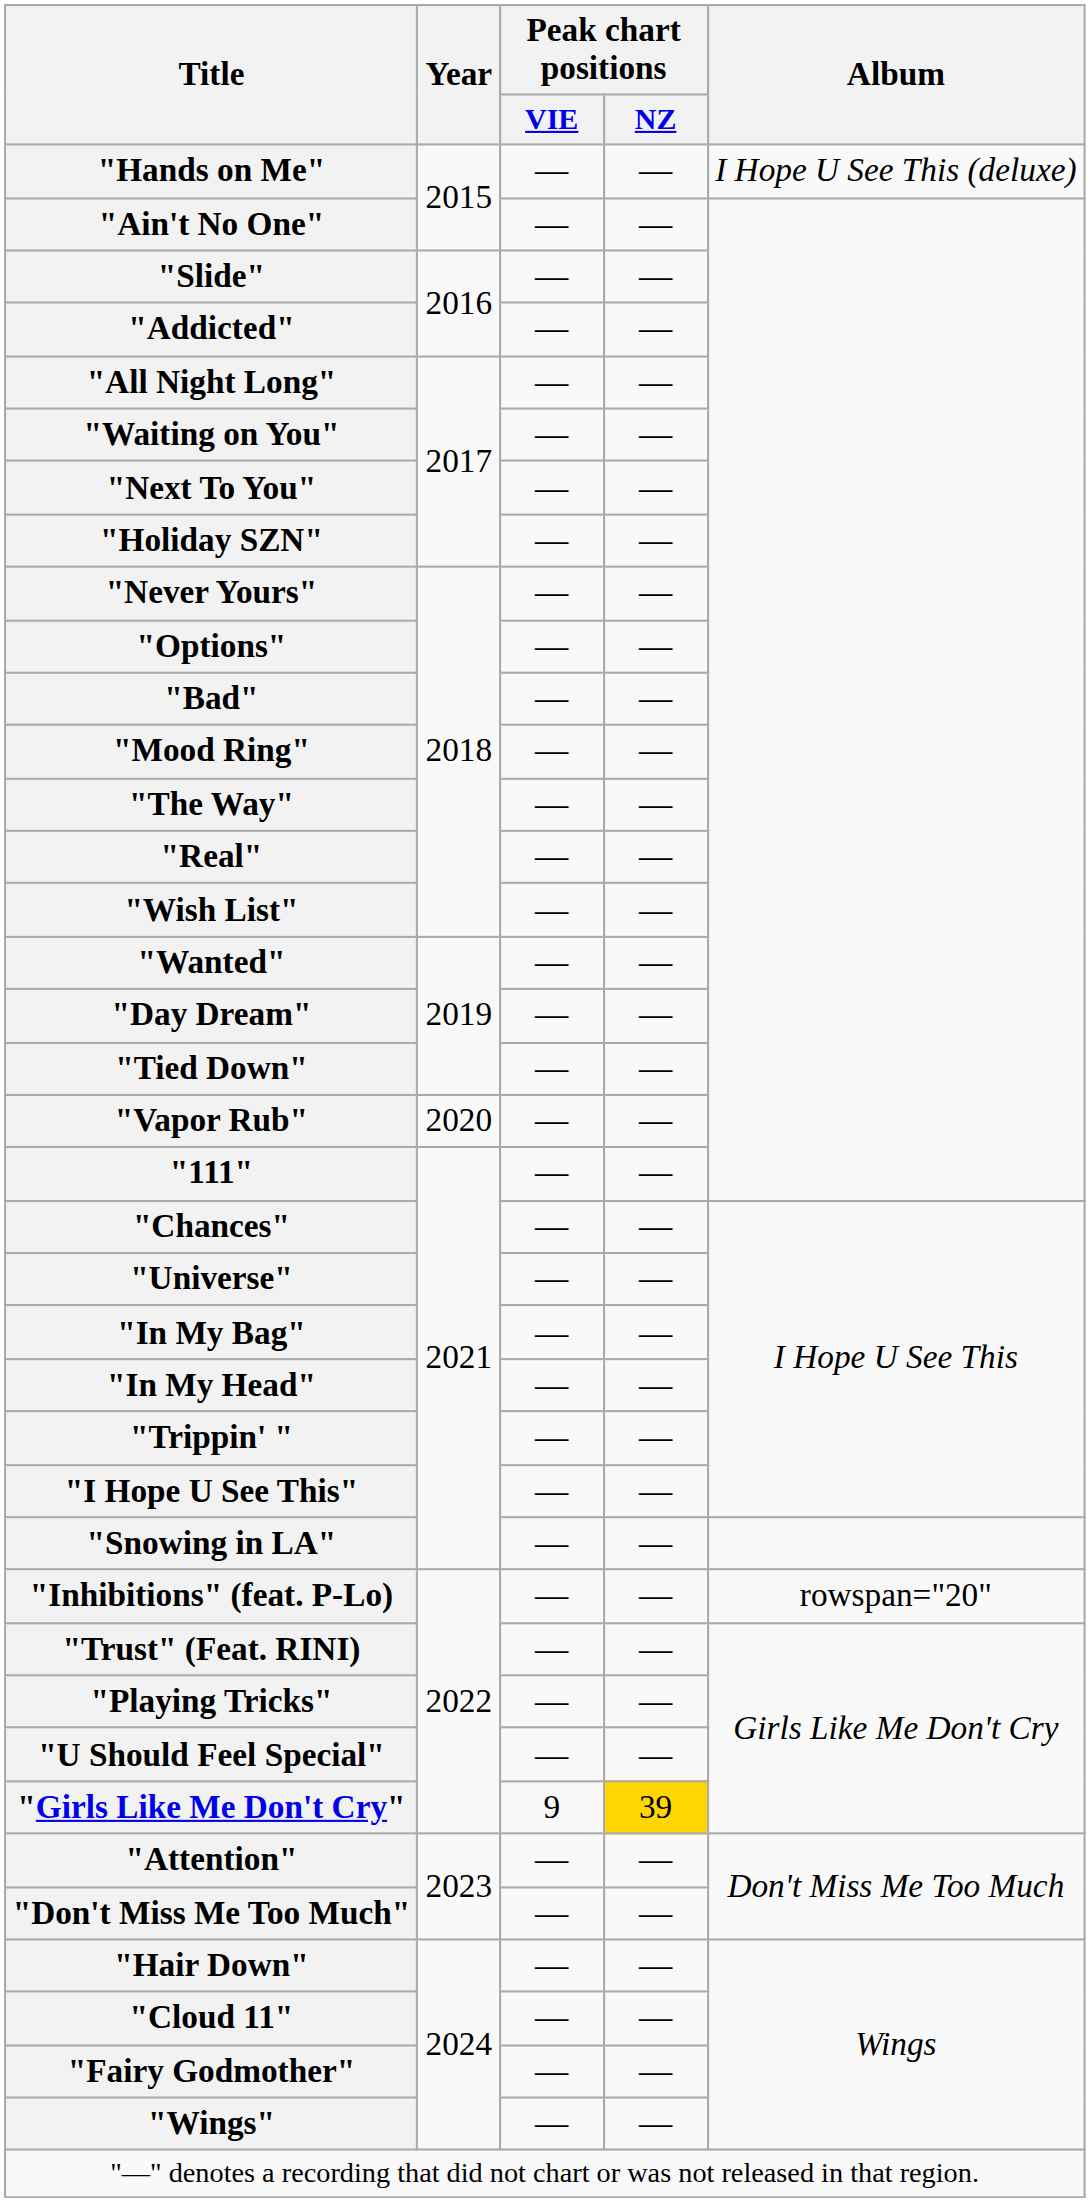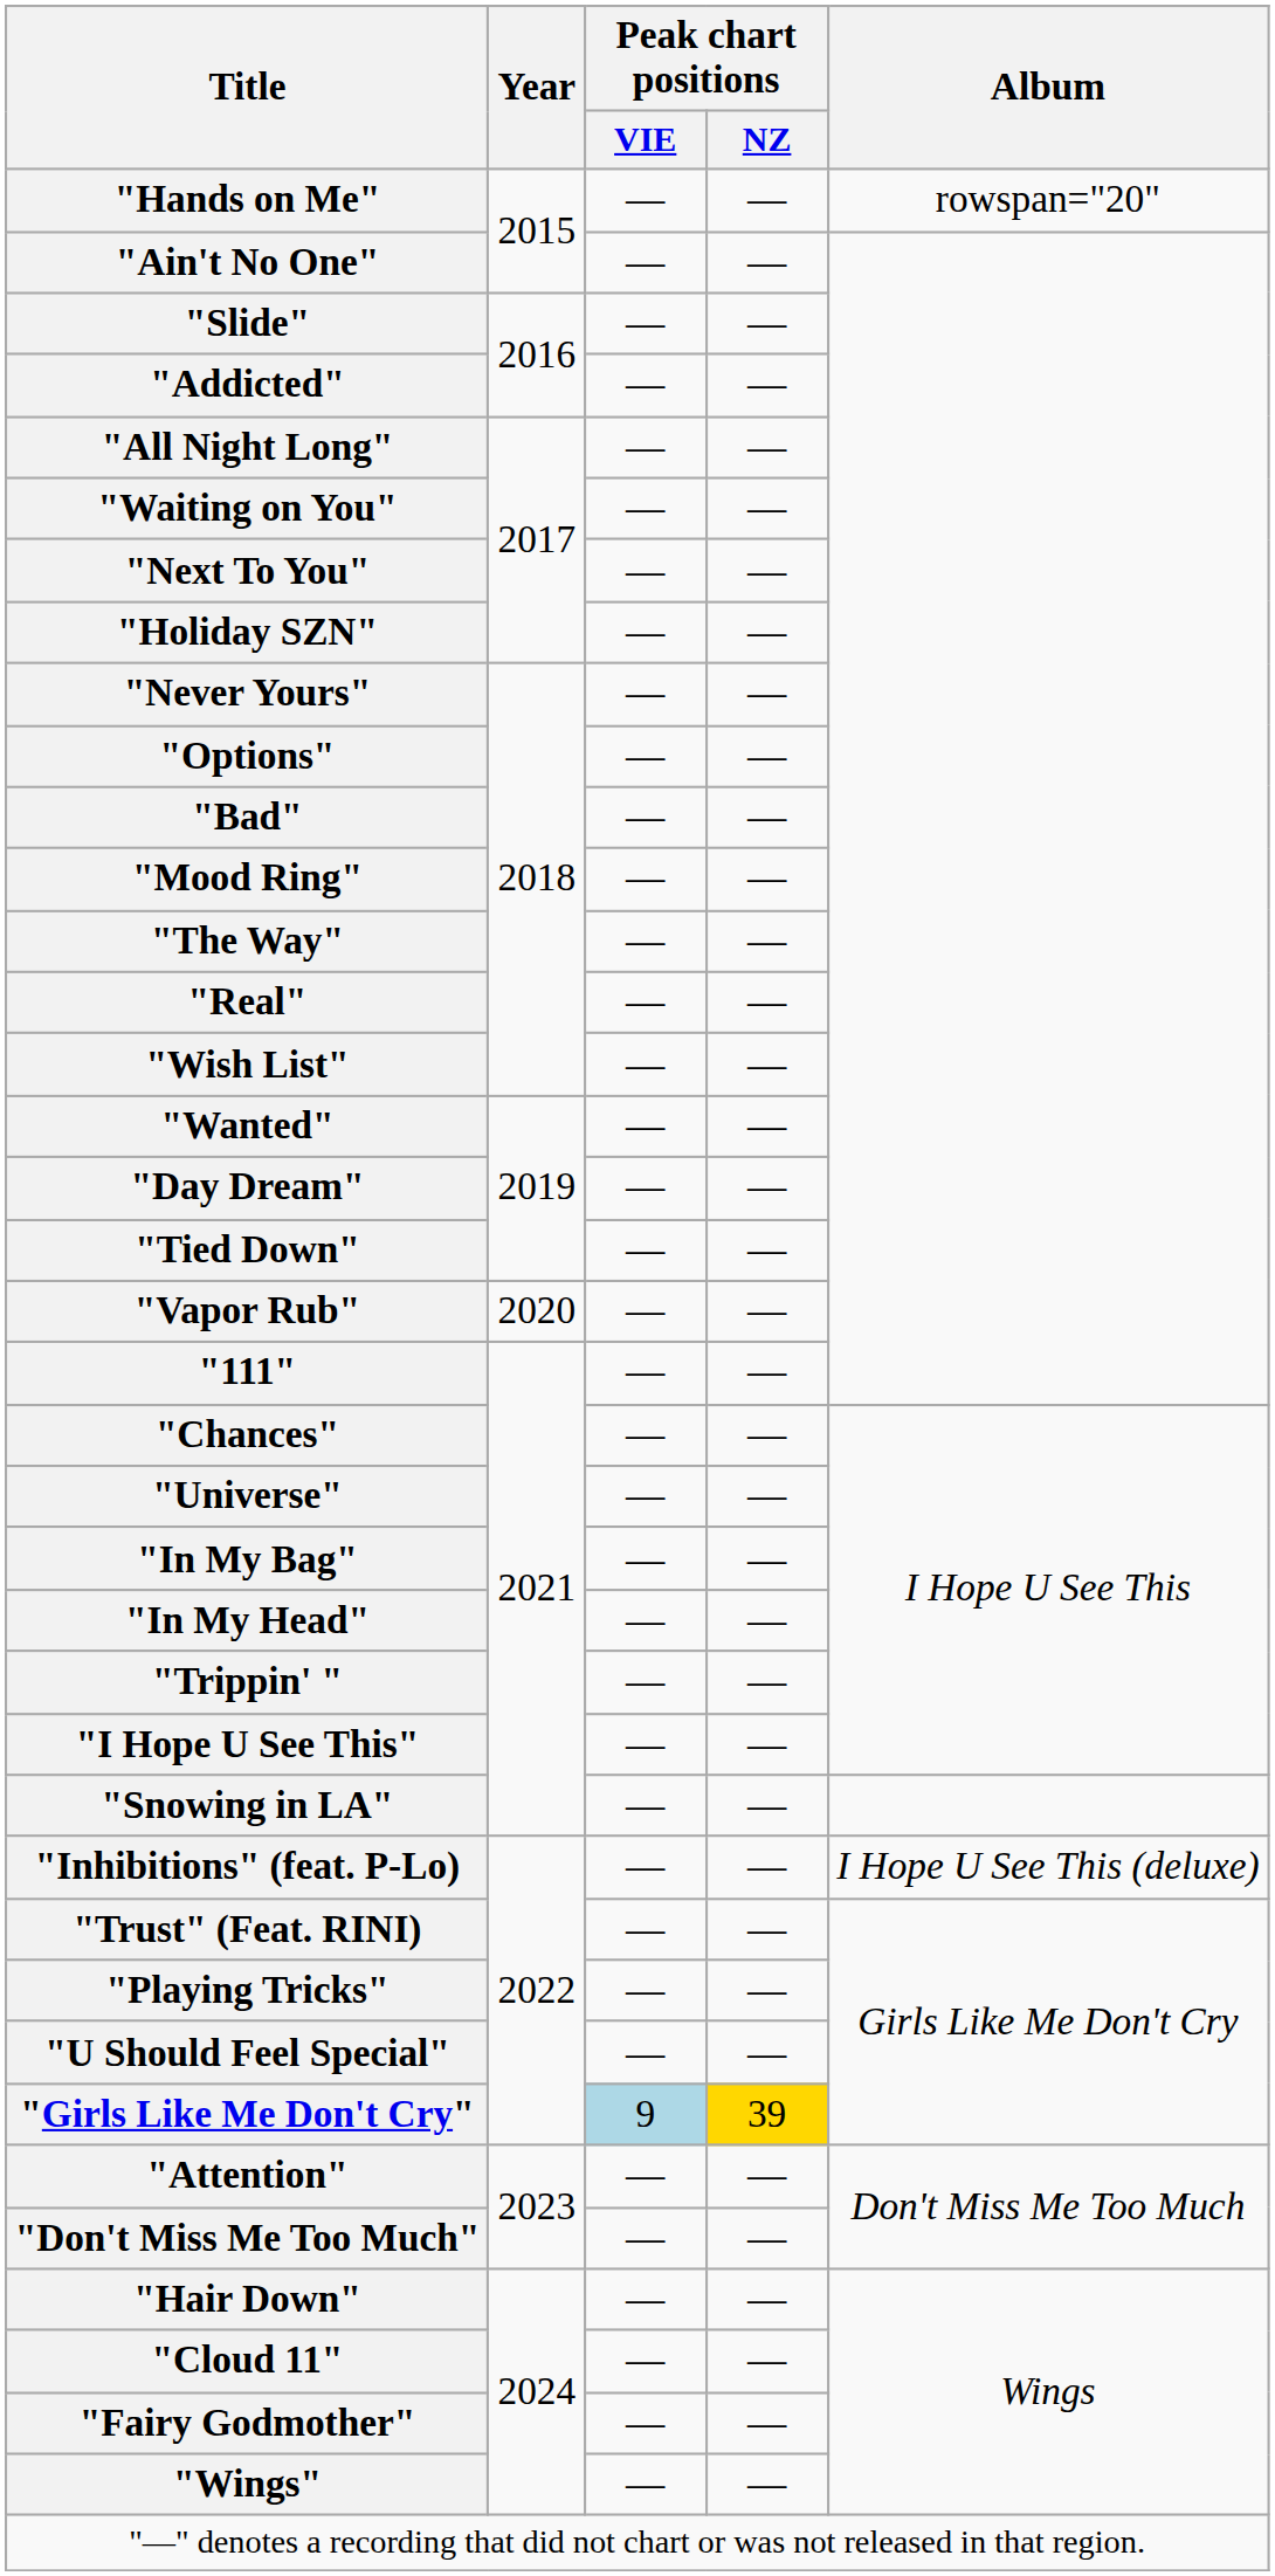 <table class="wikitable plainrowheaders" style="text-align:center;">
 <tr>
 <th rowspan="2">Title</th>
 <th rowspan="2">Year</th>
 <th colspan="2">Peak chart<br>positions</th>
 <th rowspan="2">Album</th>
 </tr>
 <tr>
 <th scope="col" style="font-size:90%; width:3em"><a href='#'>VIE</a><br></th>
 <th scope="col" style="font-size:90%; width:3em"><a href='#'>NZ</a><br></th>
 </tr>
 <tr>
 <th scope="row">"Hands on Me"</th>
 <td rowspan="2">2015</td>
 <td>—</td>
 <td>—</td>
-<td><em>I Hope U See This (deluxe)</em></td>
+<td>rowspan="20" </td>
 </tr>
 <tr>
 <th scope="row">"Ain't No One"</th>
 <td>—</td>
 <td>—</td>
 </tr>
 <tr>
 <th scope="row">"Slide"</th>
 <td rowspan="2">2016</td>
 <td>—</td>
 <td>—</td>
 </tr>
 <tr>
 <th scope="row">"Addicted"</th>
 <td>—</td>
 <td>—</td>
 </tr>
 <tr>
 <th scope="row">"All Night Long"</th>
 <td rowspan="4">2017</td>
 <td>—</td>
 <td>—</td>
 </tr>
 <tr>
 <th scope="row">"Waiting on You"</th>
 <td>—</td>
 <td>—</td>
 </tr>
 <tr>
 <th scope="row">"Next To You"</th>
 <td>—</td>
 <td>—</td>
 </tr>
 <tr>
 <th scope="row">"Holiday SZN"</th>
 <td>—</td>
 <td>—</td>
 </tr>
 <tr>
 <th scope="row">"Never Yours"</th>
 <td rowspan="7">2018</td>
 <td>—</td>
 <td>—</td>
 </tr>
 <tr>
 <th scope="row">"Options"</th>
 <td>—</td>
 <td>—</td>
 </tr>
 <tr>
 <th scope="row">"Bad"</th>
 <td>—</td>
 <td>—</td>
 </tr>
 <tr>
 <th scope="row">"Mood Ring"</th>
 <td>—</td>
 <td>—</td>
 </tr>
 <tr>
 <th scope="row">"The Way"</th>
 <td>—</td>
 <td>—</td>
 </tr>
 <tr>
 <th scope="row">"Real"</th>
 <td>—</td>
 <td>—</td>
 </tr>
 <tr>
 <th scope="row">"Wish List"</th>
 <td>—</td>
 <td>—</td>
 </tr>
 <tr>
 <th scope="row">"Wanted"</th>
 <td rowspan="3">2019</td>
 <td>—</td>
 <td>—</td>
 </tr>
 <tr>
 <th scope="row">"Day Dream"</th>
 <td>—</td>
 <td>—</td>
 </tr>
 <tr>
 <th scope="row">"Tied Down"</th>
 <td>—</td>
 <td>—</td>
 </tr>
 <tr>
 <th scope="row">"Vapor Rub"</th>
 <td>2020</td>
 <td>—</td>
 <td>—</td>
 </tr>
 <tr>
 <th scope="row">"111"</th>
 <td rowspan="8">2021</td>
 <td>—</td>
 <td>—</td>
 </tr>
 <tr>
 <th scope="row">"Chances"</th>
 <td>—</td>
 <td>—</td>
 <td rowspan="6"><em>I Hope U See This</em></td>
 </tr>
 <tr>
 <th scope="row">"Universe"</th>
 <td>—</td>
 <td>—</td>
 </tr>
 <tr>
 <th scope="row">"In My Bag"</th>
 <td>—</td>
 <td>—</td>
 </tr>
 <tr>
 <th scope="row">"In My Head"</th>
 <td>—</td>
 <td>—</td>
 </tr>
 <tr>
 <th scope="row">"Trippin' "</th>
 <td>—</td>
 <td>—</td>
 </tr>
 <tr>
 <th scope="row">"I Hope U See This"</th>
 <td>—</td>
 <td>—</td>
 </tr>
 <tr>
 <th scope="row">"Snowing in LA"</th>
 <td>—</td>
 <td>—</td>
 <td></td>
 </tr>
 <tr>
 <th scope="row">"Inhibitions" (feat. P-Lo)</th>
 <td rowspan="5">2022</td>
 <td>—</td>
 <td>—</td>
-<td>rowspan="20" </td>
+<td><em>I Hope U See This (deluxe)</em></td>
 </tr>
 <tr>
 <th scope="row">"Trust" (Feat. RINI)</th>
 <td>—</td>
 <td>—</td>
 <td rowspan="4"><em>Girls Like Me Don't Cry</em></td>
 </tr>
 <tr>
 <th scope="row">"Playing Tricks"</th>
 <td>—</td>
 <td>—</td>
 </tr>
 <tr>
 <th scope="row">"U Should Feel Special"</th>
 <td>—</td>
 <td>—</td>
 </tr>
 <tr>
 <th scope="row">"<a href='#'>Girls Like Me Don't Cry</a>"</th>
-<td>9</td>
+<td style="background: lightblue;">9</td>
 <td style="background: gold;">39</td>
 </tr>
 <tr>
 <th scope="row">"Attention"</th>
 <td rowspan="2">2023</td>
 <td>—</td>
 <td>—</td>
 <td rowspan="2"><em>Don't Miss Me Too Much</em></td>
 </tr>
 <tr>
 <th scope="row">"Don't Miss Me Too Much"</th>
 <td>—</td>
 <td>—</td>
 </tr>
 <tr>
 <th scope="row">"Hair Down"</th>
 <td rowspan="4">2024</td>
 <td>—</td>
 <td>—</td>
 <td rowspan="4"><em>Wings</em></td>
 </tr>
 <tr>
 <th scope="row">"Cloud 11"</th>
 <td>—</td>
 <td>—</td>
 </tr>
 <tr>
 <th scope="row">"Fairy Godmother"</th>
 <td>—</td>
 <td>—</td>
 </tr>
 <tr>
 <th scope="row">"Wings"</th>
 <td>—</td>
 <td>—</td>
 </tr>
 <tr>
 <td colspan="5" style="font-size:85%">"—" denotes a recording that did not chart or was not released in that region.</td>
 </tr>
 </table>
